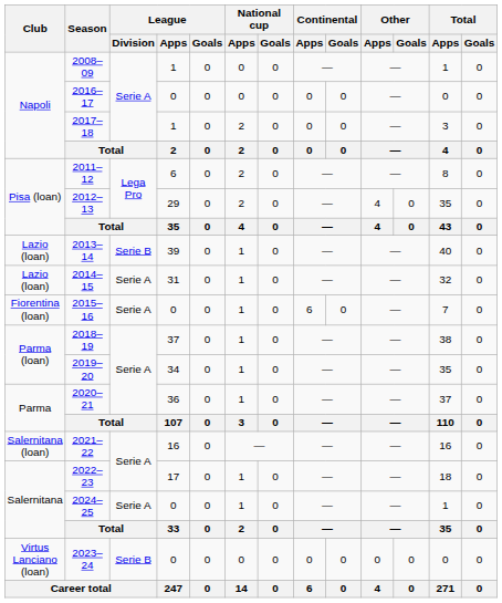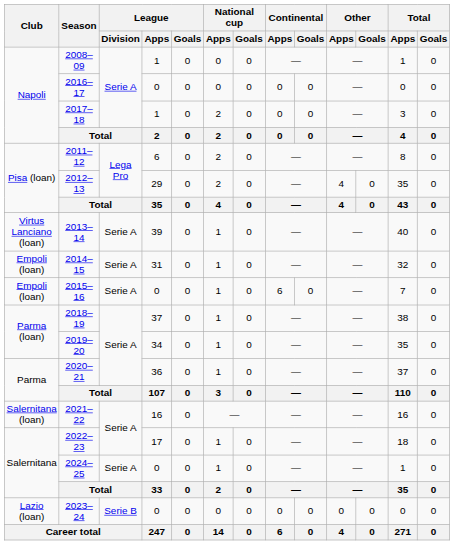 <table class="wikitable" style="text-align: center">
 <tr>
 <th rowspan="2">Club</th>
 <th rowspan="2">Season</th>
 <th colspan="3">League</th>
 <th colspan="2">National cup</th>
 <th colspan="2">Continental</th>
 <th colspan="2">Other</th>
 <th colspan="2">Total</th>
 </tr>
 <tr>
 <th>Division</th>
 <th>Apps</th>
 <th>Goals</th>
 <th>Apps</th>
 <th>Goals</th>
 <th>Apps</th>
 <th>Goals</th>
 <th>Apps</th>
 <th>Goals</th>
 <th>Apps</th>
 <th>Goals</th>
 </tr>
 <tr>
 <td rowspan="4"><a href='#'>Napoli</a></td>
 <td><a href='#'>2008–09</a></td>
 <td rowspan="3"><a href='#'>Serie A</a></td>
 <td>1</td>
 <td>0</td>
 <td>0</td>
 <td>0</td>
 <td colspan="2">—</td>
 <td colspan="2">—</td>
 <td>1</td>
 <td>0</td>
 </tr>
 <tr>
 <td><a href='#'>2016–17</a></td>
 <td>0</td>
 <td>0</td>
 <td>0</td>
 <td>0</td>
 <td>0</td>
 <td>0</td>
 <td colspan="2">—</td>
 <td>0</td>
 <td>0</td>
 </tr>
 <tr>
 <td><a href='#'>2017–18</a></td>
 <td>1</td>
 <td>0</td>
 <td>2</td>
 <td>0</td>
 <td>0</td>
 <td>0</td>
 <td colspan="2">—</td>
 <td>3</td>
 <td>0</td>
 </tr>
 <tr>
 <th colspan="2">Total</th>
 <th>2</th>
 <th>0</th>
 <th>2</th>
 <th>0</th>
 <th>0</th>
 <th>0</th>
 <th colspan="2">—</th>
 <th>4</th>
 <th>0</th>
 </tr>
 <tr>
 <td rowspan="3"><a href='#'>Pisa</a> (loan)</td>
 <td><a href='#'>2011–12</a></td>
 <td rowspan="2"><a href='#'>Lega Pro</a></td>
 <td>6</td>
 <td>0</td>
 <td>2</td>
 <td>0</td>
 <td colspan="2">—</td>
 <td colspan="2">—</td>
 <td>8</td>
 <td>0</td>
 </tr>
 <tr>
 <td><a href='#'>2012–13</a></td>
 <td>29</td>
 <td>0</td>
 <td>2</td>
 <td>0</td>
 <td colspan="2">—</td>
 <td>4</td>
 <td>0</td>
 <td>35</td>
 <td>0</td>
 </tr>
 <tr>
 <th colspan="2">Total</th>
 <th>35</th>
 <th>0</th>
 <th>4</th>
 <th>0</th>
 <th colspan="2">—</th>
 <th>4</th>
 <th>0</th>
 <th>43</th>
 <th>0</th>
 </tr>
 <tr>
-<td><a href='#'>Lazio</a> (loan)</td>
+<td><a href='#'>Virtus Lanciano</a> (loan)</td>
 <td><a href='#'>2013–14</a></td>
-<td><a href='#'>Serie B</a></td>
+<td>Serie A</td>
 <td>39</td>
 <td>0</td>
 <td>1</td>
 <td>0</td>
 <td colspan="2">—</td>
 <td colspan="2">—</td>
 <td>40</td>
 <td>0</td>
 </tr>
 <tr>
-<td><a href='#'>Lazio</a> (loan)</td>
+<td><a href='#'>Empoli</a> (loan)</td>
 <td><a href='#'>2014–15</a></td>
 <td>Serie A</td>
 <td>31</td>
 <td>0</td>
 <td>1</td>
 <td>0</td>
 <td colspan="2">—</td>
 <td colspan="2">—</td>
 <td>32</td>
 <td>0</td>
 </tr>
 <tr>
-<td><a href='#'>Fiorentina</a> (loan)</td>
+<td><a href='#'>Empoli</a> (loan)</td>
 <td><a href='#'>2015–16</a></td>
 <td>Serie A</td>
 <td>0</td>
 <td>0</td>
 <td>1</td>
 <td>0</td>
 <td>6</td>
 <td>0</td>
 <td colspan="2">—</td>
 <td>7</td>
 <td>0</td>
 </tr>
 <tr>
 <td rowspan="2"><a href='#'>Parma</a> (loan)</td>
 <td><a href='#'>2018–19</a></td>
 <td rowspan="3">Serie A</td>
 <td>37</td>
 <td>0</td>
 <td>1</td>
 <td>0</td>
 <td colspan="2">—</td>
 <td colspan="2">—</td>
 <td>38</td>
 <td>0</td>
 </tr>
 <tr>
 <td><a href='#'>2019–20</a></td>
 <td>34</td>
 <td>0</td>
 <td>1</td>
 <td>0</td>
 <td colspan="2">—</td>
 <td colspan="2">—</td>
 <td>35</td>
 <td>0</td>
 </tr>
 <tr>
 <td rowspan="2">Parma</td>
 <td><a href='#'>2020–21</a></td>
 <td>36</td>
 <td>0</td>
 <td>1</td>
 <td>0</td>
 <td colspan="2“">—</td>
 <td colspan="2">—</td>
 <td>37</td>
 <td>0</td>
 </tr>
 <tr>
 <th colspan="2">Total</th>
 <th>107</th>
 <th>0</th>
 <th>3</th>
 <th>0</th>
 <th colspan="2">—</th>
 <th colspan="2">—</th>
 <th>110</th>
 <th>0</th>
 </tr>
 <tr>
 <td><a href='#'>Salernitana</a> (loan)</td>
 <td><a href='#'>2021–22</a></td>
 <td rowspan="2">Serie A</td>
 <td>16</td>
 <td>0</td>
 <td colspan="2">—</td>
 <td colspan="2">—</td>
 <td colspan="2">—</td>
 <td>16</td>
 <td>0</td>
 </tr>
 <tr>
 <td rowspan="3">Salernitana</td>
 <td><a href='#'>2022–23</a></td>
 <td>17</td>
 <td>0</td>
 <td>1</td>
 <td>0</td>
 <td colspan="2">—</td>
 <td colspan="2">—</td>
 <td>18</td>
 <td>0</td>
 </tr>
 <tr>
 <td><a href='#'>2024–25</a></td>
 <td>Serie A</td>
 <td>0</td>
 <td>0</td>
 <td>1</td>
 <td>0</td>
 <td colspan="2">—</td>
 <td colspan="2">—</td>
 <td>1</td>
 <td>0</td>
 </tr>
 <tr>
 <th colspan="2">Total</th>
 <th>33</th>
 <th>0</th>
 <th>2</th>
 <th>0</th>
 <th colspan="2">—</th>
 <th colspan="2">—</th>
 <th>35</th>
 <th>0</th>
 </tr>
 <tr>
-<td><a href='#'>Virtus Lanciano</a> (loan)</td>
+<td><a href='#'>Lazio</a> (loan)</td>
 <td><a href='#'>2023–24</a></td>
 <td><a href='#'>Serie B</a></td>
 <td>0</td>
 <td>0</td>
 <td>0</td>
 <td>0</td>
 <td>0</td>
 <td>0</td>
 <td>0</td>
 <td>0</td>
 <td>0</td>
 <td>0</td>
 </tr>
 <tr>
 <th colspan="3">Career total</th>
 <th>247</th>
 <th>0</th>
 <th>14</th>
 <th>0</th>
 <th>6</th>
 <th>0</th>
 <th>4</th>
 <th>0</th>
 <th>271</th>
 <th>0</th>
 </tr>
 </table>
